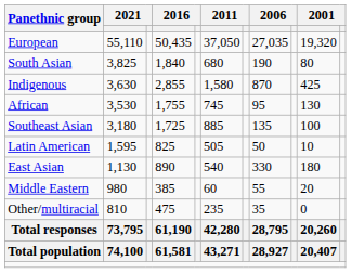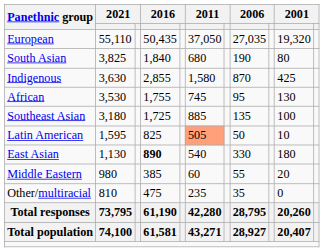 <table class="wikitable collapsible sortable">
 <tr>
 <th rowspan="2"><a href='#'>Panethnic</a> group</th>
 <th colspan="2">2021</th>
 <th colspan="2">2016</th>
 <th colspan="2">2011</th>
 <th colspan="2">2006</th>
 <th colspan="2">2001</th>
 </tr>
 <tr>
 <th><a href='#'></a></th>
 <th></th>
 <th></th>
 <th></th>
 <th></th>
 <th></th>
 <th></th>
 <th></th>
 <th></th>
 <th></th>
 </tr>
 <tr>
 <td><a href='#'>European</a></td>
 <td>55,110</td>
 <td></td>
 <td>50,435</td>
 <td></td>
 <td>37,050</td>
 <td></td>
 <td>27,035</td>
 <td></td>
 <td>19,320</td>
 <td></td>
 </tr>
 <tr>
 <td><a href='#'>South Asian</a></td>
 <td>3,825</td>
 <td></td>
 <td>1,840</td>
 <td></td>
 <td>680</td>
 <td></td>
 <td>190</td>
 <td></td>
 <td>80</td>
 <td></td>
 </tr>
 <tr>
 <td><a href='#'>Indigenous</a></td>
 <td>3,630</td>
 <td></td>
 <td>2,855</td>
 <td></td>
 <td>1,580</td>
 <td></td>
 <td>870</td>
 <td></td>
 <td>425</td>
 <td></td>
 </tr>
 <tr>
 <td><a href='#'>African</a></td>
 <td>3,530</td>
 <td></td>
 <td>1,755</td>
 <td></td>
 <td>745</td>
 <td></td>
 <td>95</td>
 <td></td>
 <td>130</td>
 <td></td>
 </tr>
 <tr>
 <td><a href='#'>Southeast Asian</a></td>
 <td>3,180</td>
 <td></td>
 <td>1,725</td>
 <td></td>
 <td>885</td>
 <td></td>
 <td>135</td>
 <td></td>
 <td>100</td>
 <td></td>
 </tr>
 <tr>
 <td><a href='#'>Latin American</a></td>
 <td>1,595</td>
 <td></td>
 <td>825</td>
 <td></td>
-<td>505</td>
+<td style="background: lightsalmon;">505</td>
 <td></td>
 <td>50</td>
 <td></td>
 <td>10</td>
 <td></td>
 </tr>
 <tr>
 <td><a href='#'>East Asian</a></td>
 <td>1,130</td>
 <td></td>
-<td>890</td>
+<td><strong>890</strong></td>
 <td></td>
 <td>540</td>
 <td></td>
 <td>330</td>
 <td></td>
 <td>180</td>
 <td></td>
 </tr>
 <tr>
 <td><a href='#'>Middle Eastern</a></td>
 <td>980</td>
 <td></td>
 <td>385</td>
 <td></td>
 <td>60</td>
 <td></td>
 <td>55</td>
 <td></td>
 <td>20</td>
 <td></td>
 </tr>
 <tr>
 <td>Other/<a href='#'>multiracial</a></td>
 <td>810</td>
 <td></td>
 <td>475</td>
 <td></td>
 <td>235</td>
 <td></td>
 <td>35</td>
 <td></td>
 <td>0</td>
 <td></td>
 </tr>
 <tr>
 <th>Total responses</th>
 <th>73,795</th>
 <th></th>
 <th>61,190</th>
 <th></th>
 <th>42,280</th>
 <th></th>
 <th>28,795</th>
 <th></th>
 <th>20,260</th>
 <th></th>
 </tr>
 <tr class="sortbottom">
 <th>Total population</th>
 <th>74,100</th>
 <th></th>
 <th>61,581</th>
 <th></th>
 <th>43,271</th>
 <th></th>
 <th>28,927</th>
 <th></th>
 <th>20,407</th>
 <th></th>
 </tr>
 <tr class="sortbottom">
 <td colspan="11"></td>
 </tr>
 </table>
